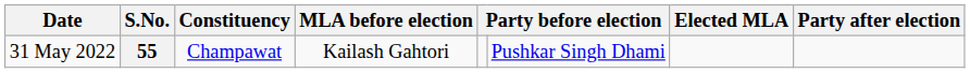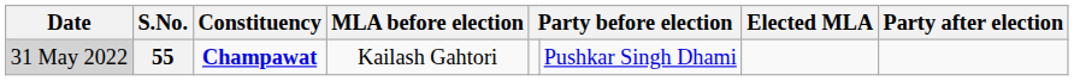 <table class="wikitable sortable" style="text-align:center;">
 <tr>
 <th>Date</th>
 <th>S.No.</th>
 <th>Constituency</th>
 <th>MLA before election</th>
 <th colspan="2">Party before election</th>
 <th>Elected MLA</th>
 <th colspan="2">Party after election</th>
 </tr>
 <tr>
-<td>31 May 2022</td>
+<td style="background: lightgrey;">31 May 2022</td>
 <th>55</th>
-<td><a href='#'>Champawat</a></td>
+<td><strong><a href='#'>Champawat</a></strong></td>
 <td>Kailash Gahtori</td>
 <td></td>
 <td><a href='#'>Pushkar Singh Dhami</a></td>
 <td></td>
 </tr>
 </table>
